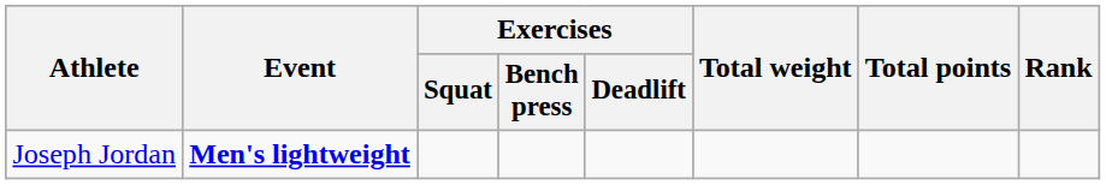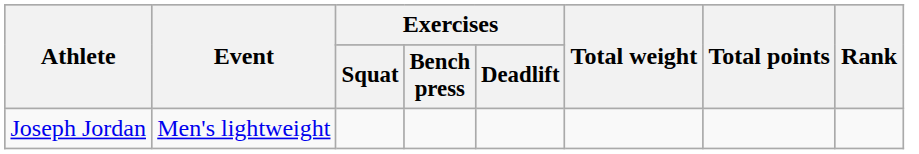 <table class=wikitable style="font-size:90%">
 <tr>
 <th rowspan="2">Athlete</th>
 <th rowspan="2">Event</th>
 <th colspan="3">Exercises</th>
 <th rowspan="2">Total weight</th>
 <th rowspan="2">Total points</th>
 <th rowspan="2">Rank</th>
 </tr>
 <tr style="font-size:95%">
 <th>Squat</th>
 <th>Bench<br>press</th>
 <th>Deadlift</th>
 </tr>
 <tr align=center>
 <td align=left><a href='#'>Joseph Jordan</a></td>
-<td align=left><strong><a href='#'>Men's lightweight</a></strong></td>
+<td align=left><a href='#'>Men's lightweight</a></td>
 <td></td>
 <td></td>
 <td></td>
 <td></td>
 <td></td>
 <td></td>
 </tr>
 </table>
